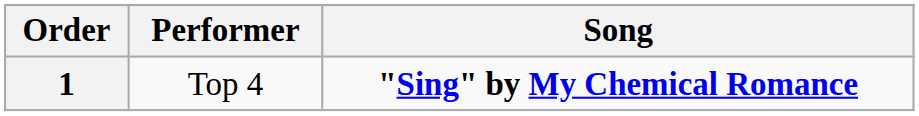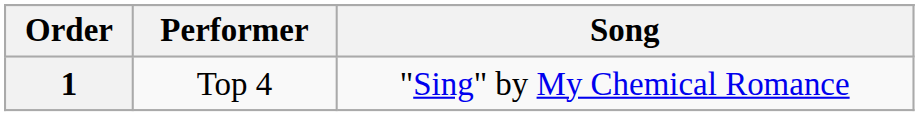 <table class="wikitable" style="text-align:center; width:50%;">
 <tr>
 </tr>
 <tr>
 <th>Order</th>
 <th>Performer</th>
 <th>Song</th>
 </tr>
 <tr>
 <th>1</th>
 <td>Top 4</td>
-<td><strong>"<a href='#'>Sing</a>" by <a href='#'>My Chemical Romance</a></strong></td>
+<td>"<a href='#'>Sing</a>" by <a href='#'>My Chemical Romance</a></td>
 </tr>
 </table>
